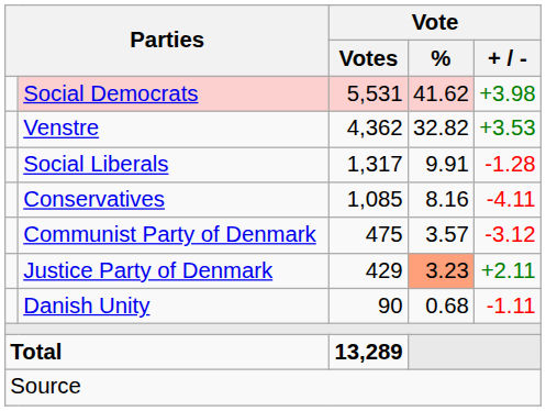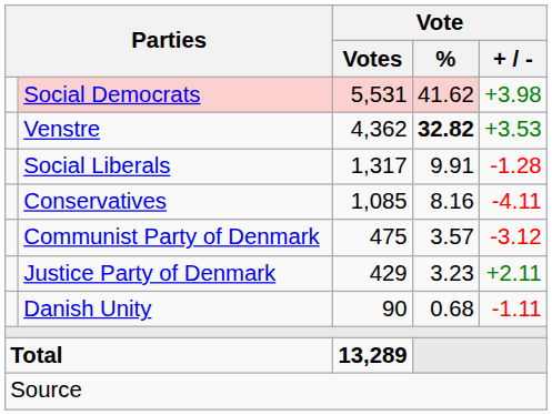 <table class="wikitable" style="text-align:right;">
 <tr>
 <th style="text-align:centre;" rowspan="2" colspan="2" width="225">Parties</th>
 <th colspan="3">Vote</th>
 </tr>
 <tr>
 <th width="15">Votes</th>
 <th width="15">%</th>
 <th width="15">+ / -</th>
 </tr>
 <tr>
 <td width="2" style="color:inherit;background:"></td>
 <td bgcolor=#fbd0ce  align="left"><a href='#'>Social Democrats</a></td>
 <td bgcolor=#fbd0ce>5,531</td>
 <td bgcolor=#fbd0ce>41.62</td>
 <td style=color:green;>+3.98</td>
 </tr>
 <tr>
 <td width="2" style="color:inherit;background:"></td>
 <td align="left"><a href='#'>Venstre</a></td>
 <td>4,362</td>
-<td>32.82</td>
+<td><strong>32.82</strong></td>
 <td style=color:green;>+3.53</td>
 </tr>
 <tr>
 <td width="2" style="color:inherit;background:"></td>
 <td align="left"><a href='#'>Social Liberals</a></td>
 <td>1,317</td>
 <td>9.91</td>
 <td style=color:red;>-1.28</td>
 </tr>
 <tr>
 <td width="2" style="color:inherit;background:"></td>
 <td align="left"><a href='#'>Conservatives</a></td>
 <td>1,085</td>
 <td>8.16</td>
 <td style=color:red;>-4.11</td>
 </tr>
 <tr>
 <td width="2" style="color:inherit;background:"></td>
 <td align="left"><a href='#'>Communist Party of Denmark</a></td>
 <td>475</td>
 <td>3.57</td>
 <td style=color:red;>-3.12</td>
 </tr>
 <tr>
 <td width="2" style="color:inherit;background:"></td>
 <td align="left"><a href='#'>Justice Party of Denmark</a></td>
 <td>429</td>
-<td style="background: lightsalmon;">3.23</td>
+<td>3.23</td>
 <td style=color:green;>+2.11</td>
 </tr>
 <tr>
 <td width="2" style="color:inherit;background:"></td>
 <td align="left"><a href='#'>Danish Unity</a></td>
 <td>90</td>
 <td>0.68</td>
 <td style=color:red;>-1.11</td>
 </tr>
 <tr>
 <td colspan="7" bgcolor="#E9E9E9"></td>
 </tr>
 <tr>
 <td align="left" colspan="2"><strong>Total</strong></td>
 <td><strong>13,289</strong></td>
 <td bgcolor="#E9E9E9" colspan="2"></td>
 </tr>
 <tr>
 <td align="left" colspan="6">Source</td>
 </tr>
 </table>
